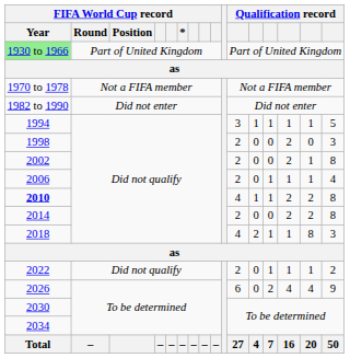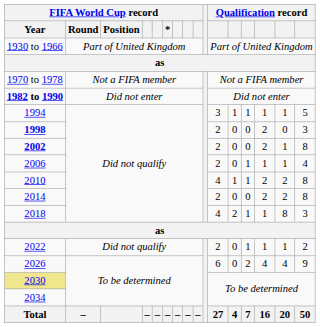 <table class="wikitable" style="text-align: center;">
 <tr>
 <th colspan=9><a href='#'>FIFA World Cup</a> record</th>
 <th rowspan=3></th>
 <th colspan=6><a href='#'>Qualification</a> record</th>
 </tr>
 <tr>
 <th>Year</th>
 <th>Round</th>
 <th>Position</th>
 <th></th>
 <th></th>
 <th>*</th>
 <th></th>
 <th></th>
 <th></th>
 <th></th>
 <th></th>
 <th></th>
 <th></th>
 <th></th>
 <th></th>
 </tr>
 <tr>
-<td style="background: lightgreen;"><a href='#'>1930</a> to <a href='#'>1966</a></td>
+<td><a href='#'>1930</a> to <a href='#'>1966</a></td>
 <td colspan=8><em>Part of  United Kingdom</em></td>
 <td colspan=6><em>Part of  United Kingdom</em></td>
 </tr>
 <tr>
 <th colspan=16>as <strong></strong></th>
 </tr>
 <tr>
 <td><a href='#'>1970</a> to <a href='#'>1978</a></td>
 <td colspan=8><em>Not a FIFA member</em></td>
 <th rowspan=9></th>
 <td colspan=6><em>Not a FIFA member</em></td>
 </tr>
 <tr>
-<td><a href='#'>1982</a> to <a href='#'>1990</a></td>
+<td><strong><a href='#'>1982</a> to <a href='#'>1990</a></strong></td>
 <td colspan=8><em>Did not enter</em></td>
 <td colspan=6><em>Did not enter</em></td>
 </tr>
 <tr>
 <td> <a href='#'>1994</a></td>
 <td colspan=8 rowspan=7><em>Did not qualify</em></td>
 <td>3</td>
 <td>1</td>
 <td>1</td>
 <td>1</td>
 <td>1</td>
 <td>5</td>
 </tr>
 <tr>
-<td> <a href='#'>1998</a></td>
+<td><strong> <a href='#'>1998</a></strong></td>
 <td>2</td>
 <td>0</td>
 <td>0</td>
 <td>2</td>
 <td>0</td>
 <td>3</td>
 </tr>
 <tr>
-<td>  <a href='#'>2002</a></td>
+<td><strong>  <a href='#'>2002</a></strong></td>
 <td>2</td>
 <td>0</td>
 <td>0</td>
 <td>2</td>
 <td>1</td>
 <td>8</td>
 </tr>
 <tr>
 <td> <a href='#'>2006</a></td>
 <td>2</td>
 <td>0</td>
 <td>1</td>
 <td>1</td>
 <td>1</td>
 <td>4</td>
 </tr>
 <tr>
-<td><strong> <a href='#'>2010</a></strong></td>
+<td> <a href='#'>2010</a></td>
 <td>4</td>
 <td>1</td>
 <td>1</td>
 <td>2</td>
 <td>2</td>
 <td>8</td>
 </tr>
 <tr>
 <td> <a href='#'>2014</a></td>
 <td>2</td>
 <td>0</td>
 <td>0</td>
 <td>2</td>
 <td>2</td>
 <td>8</td>
 </tr>
 <tr>
 <td> <a href='#'>2018</a></td>
 <td>4</td>
 <td>2</td>
 <td>1</td>
 <td>1</td>
 <td>8</td>
 <td>3</td>
 </tr>
 <tr>
 <th colspan=16>as <strong></strong></th>
 </tr>
 <tr>
 <td> <a href='#'>2022</a></td>
 <td colspan=8><em>Did not qualify</em></td>
 <th rowspan=5></th>
 <td>2</td>
 <td>0</td>
 <td>1</td>
 <td>1</td>
 <td>1</td>
 <td>2</td>
 </tr>
 <tr>
 <td>   <a href='#'>2026</a></td>
 <td colspan=8 rowspan=3><em>To be determined</em></td>
 <td>6</td>
 <td>0</td>
 <td>2</td>
 <td>4</td>
 <td>4</td>
 <td>9</td>
 </tr>
 <tr>
-<td>   <a href='#'>2030</a></td>
+<td style="background: khaki;">   <a href='#'>2030</a></td>
 <td colspan=6 rowspan=2><em>To be determined</em></td>
 </tr>
 <tr>
 <td> <a href='#'>2034</a></td>
 </tr>
 <tr>
 <th>Total</th>
 <th>–</th>
 <th></th>
 <th>–</th>
 <th>–</th>
 <th>–</th>
 <th>–</th>
 <th>–</th>
 <th>–</th>
 <th>27</th>
 <th>4</th>
 <th>7</th>
 <th>16</th>
 <th>20</th>
 <th>50</th>
 </tr>
 </table>
